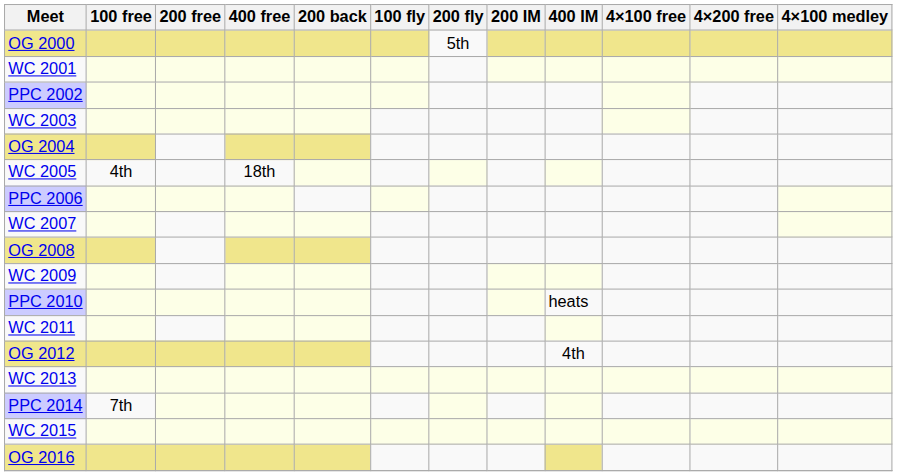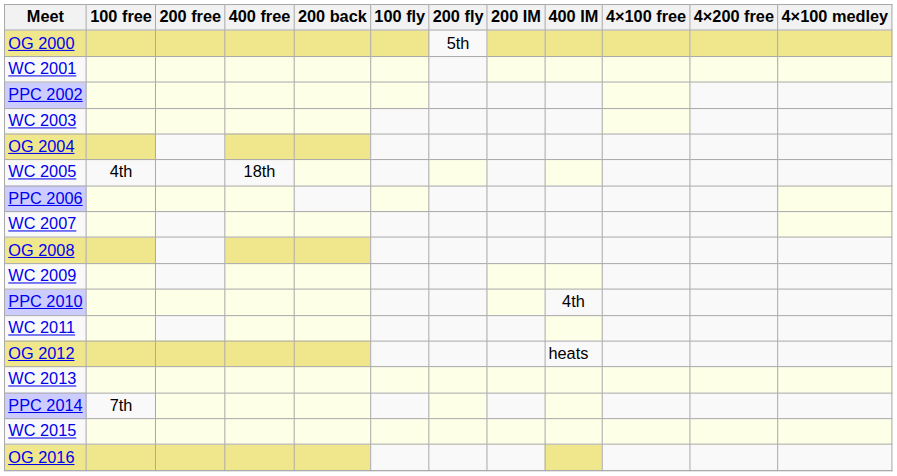 <table class="sortable wikitable">
 <tr>
 <th>Meet</th>
 <th class="unsortable">100 free</th>
 <th class="unsortable">200 free</th>
 <th class="unsortable">400 free</th>
 <th class="unsortable">200 back</th>
 <th class="unsortable">100 fly</th>
 <th class="unsortable">200 fly</th>
 <th class="unsortable">200 IM</th>
 <th class="unsortable">400 IM</th>
 <th class="unsortable">4×100 free</th>
 <th class="unsortable">4×200 free</th>
 <th class="unsortable">4×100 medley</th>
 </tr>
 <tr>
 <td style="background:#f0e68c"><a href='#'>OG 2000</a></td>
 <td style="background:#f0e68c"></td>
 <td style="background:#f0e68c"></td>
 <td style="background:#f0e68c"></td>
 <td style="background:#f0e68c"></td>
 <td style="background:#f0e68c"></td>
 <td align="center">5th</td>
 <td style="background:#f0e68c"></td>
 <td style="background:#f0e68c"></td>
 <td style="background:#f0e68c"></td>
 <td style="background:#f0e68c"></td>
 <td style="background:#f0e68c"></td>
 </tr>
 <tr>
 <td><a href='#'>WC 2001</a></td>
 <td style="background:#fdffe7"></td>
 <td style="background:#fdffe7"></td>
 <td style="background:#fdffe7"></td>
 <td style="background:#fdffe7"></td>
 <td style="background:#fdffe7"></td>
 <td align="center"></td>
 <td style="background:#fdffe7"></td>
 <td style="background:#fdffe7"></td>
 <td style="background:#fdffe7"></td>
 <td style="background:#fdffe7"></td>
 <td style="background:#fdffe7"></td>
 </tr>
 <tr>
 <td style="background:#ccccff"><a href='#'>PPC 2002</a></td>
 <td style="background:#fdffe7"></td>
 <td style="background:#fdffe7"></td>
 <td style="background:#fdffe7"></td>
 <td style="background:#fdffe7"></td>
 <td style="background:#fdffe7"></td>
 <td align="center"></td>
 <td align="center"></td>
 <td align="center"></td>
 <td style="background:#fdffe7"></td>
 <td align="center"></td>
 <td align="center"></td>
 </tr>
 <tr>
 <td><a href='#'>WC 2003</a></td>
 <td style="background:#fdffe7"></td>
 <td style="background:#fdffe7"></td>
 <td style="background:#fdffe7"></td>
 <td style="background:#fdffe7"></td>
 <td align="center"></td>
 <td align="center"></td>
 <td align="center"></td>
 <td align="center"></td>
 <td style="background:#fdffe7"></td>
 <td align="center"></td>
 <td align="center"></td>
 </tr>
 <tr>
 <td style="background:#f0e68c"><a href='#'>OG 2004</a></td>
 <td style="background:#f0e68c"></td>
 <td align="center"></td>
 <td style="background:#f0e68c"></td>
 <td style="background:#f0e68c"></td>
 <td align="center"></td>
 <td align="center"></td>
 <td align="center"></td>
 <td align="center"></td>
 <td align="center"></td>
 <td align="center"></td>
 <td align="center"></td>
 </tr>
 <tr>
 <td><a href='#'>WC 2005</a></td>
 <td align="center">4th</td>
 <td align="center"></td>
 <td align="center">18th</td>
 <td style="background:#fdffe7"></td>
 <td align="center"></td>
 <td style="background:#fdffe7"></td>
 <td align="center"></td>
 <td style="background:#fdffe7"></td>
 <td align="center"></td>
 <td align="center"></td>
 <td align="center"></td>
 </tr>
 <tr>
 <td style="background:#ccccff"><a href='#'>PPC 2006</a></td>
 <td style="background:#fdffe7"></td>
 <td style="background:#fdffe7"></td>
 <td style="background:#fdffe7"></td>
 <td align="center"></td>
 <td style="background:#fdffe7"></td>
 <td align="center"></td>
 <td align="center"></td>
 <td align="center"></td>
 <td align="center"></td>
 <td align="center"></td>
 <td style="background:#fdffe7"></td>
 </tr>
 <tr>
 <td><a href='#'>WC 2007</a></td>
 <td style="background:#fdffe7"></td>
 <td align="center"></td>
 <td style="background:#fdffe7"></td>
 <td style="background:#fdffe7"></td>
 <td align="center"></td>
 <td align="center"></td>
 <td align="center"></td>
 <td align="center"></td>
 <td align="center"></td>
 <td align="center"></td>
 <td style="background:#fdffe7"></td>
 </tr>
 <tr>
 <td style="background:#f0e68c"><a href='#'>OG 2008</a></td>
 <td style="background:#f0e68c"></td>
 <td align="center"></td>
 <td style="background:#f0e68c"></td>
 <td style="background:#f0e68c"></td>
 <td align="center"></td>
 <td align="center"></td>
 <td align="center"></td>
 <td align="center"></td>
 <td align="center"></td>
 <td align="center"></td>
 <td align="center"></td>
 </tr>
 <tr>
 <td><a href='#'>WC 2009</a></td>
 <td style="background:#fdffe7"></td>
 <td align="center"></td>
 <td style="background:#fdffe7"></td>
 <td style="background:#fdffe7"></td>
 <td align="center"></td>
 <td align="center"></td>
 <td style="background:#fdffe7"></td>
 <td style="background:#fdffe7"></td>
 <td align="center"></td>
 <td align="center"></td>
 <td align="center"></td>
 </tr>
 <tr>
 <td style="background:#ccccff"><a href='#'>PPC 2010</a></td>
 <td style="background:#fdffe7"></td>
 <td style="background:#fdffe7"></td>
 <td style="background:#fdffe7"></td>
 <td style="background:#fdffe7"></td>
 <td align="center"></td>
 <td align="center"></td>
 <td style="background:#fdffe7"></td>
-<td>heats</td>
+<td align="center">4th</td>
 <td align="center"></td>
 <td align="center"></td>
 <td align="center"></td>
 </tr>
 <tr>
 <td><a href='#'>WC 2011</a></td>
 <td style="background:#fdffe7"></td>
 <td align="center"></td>
 <td style="background:#fdffe7"></td>
 <td style="background:#fdffe7"></td>
 <td align="center"></td>
 <td align="center"></td>
 <td align="center"></td>
 <td style="background:#fdffe7"></td>
 <td align="center"></td>
 <td align="center"></td>
 <td align="center"></td>
 </tr>
 <tr>
 <td style="background:#f0e68c"><a href='#'>OG 2012</a></td>
 <td style="background:#f0e68c"></td>
 <td style="background:#f0e68c"></td>
 <td style="background:#f0e68c"></td>
 <td style="background:#f0e68c"></td>
 <td align="center"></td>
 <td align="center"></td>
 <td align="center"></td>
-<td align="center">4th</td>
+<td>heats</td>
 <td align="center"></td>
 <td align="center"></td>
 <td align="center"></td>
 </tr>
 <tr>
 <td><a href='#'>WC 2013</a></td>
 <td style="background:#fdffe7"></td>
 <td style="background:#fdffe7"></td>
 <td style="background:#fdffe7"></td>
 <td style="background:#fdffe7"></td>
 <td style="background:#fdffe7"></td>
 <td style="background:#fdffe7"></td>
 <td style="background:#fdffe7"></td>
 <td style="background:#fdffe7"></td>
 <td style="background:#fdffe7"></td>
 <td style="background:#fdffe7"></td>
 <td style="background:#fdffe7"></td>
 </tr>
 <tr>
 <td style="background:#ccccff"><a href='#'>PPC 2014</a></td>
 <td align="center">7th</td>
 <td style="background:#fdffe7"></td>
 <td style="background:#fdffe7"></td>
 <td style="background:#fdffe7"></td>
 <td align="center"></td>
 <td style="background:#fdffe7"></td>
 <td align="center"></td>
 <td style="background:#fdffe7"></td>
 <td align="center"></td>
 <td align="center"></td>
 <td align="center"></td>
 </tr>
 <tr>
 <td><a href='#'>WC 2015</a></td>
 <td style="background:#fdffe7"></td>
 <td style="background:#fdffe7"></td>
 <td style="background:#fdffe7"></td>
 <td style="background:#fdffe7"></td>
 <td style="background:#fdffe7"></td>
 <td style="background:#fdffe7"></td>
 <td style="background:#fdffe7"></td>
 <td style="background:#fdffe7"></td>
 <td style="background:#fdffe7"></td>
 <td style="background:#fdffe7"></td>
 <td style="background:#fdffe7"></td>
 </tr>
 <tr>
 <td style="background:#f0e68c"><a href='#'>OG 2016</a></td>
 <td style="background:#f0e68c"></td>
 <td style="background:#f0e68c"></td>
 <td style="background:#f0e68c"></td>
 <td style="background:#f0e68c"></td>
 <td align="center"></td>
 <td align="center"></td>
 <td align="center"></td>
 <td style="background:#f0e68c"></td>
 <td align="center"></td>
 <td align="center"></td>
 <td align="center"></td>
 </tr>
 <tr>
 </tr>
 </table>
